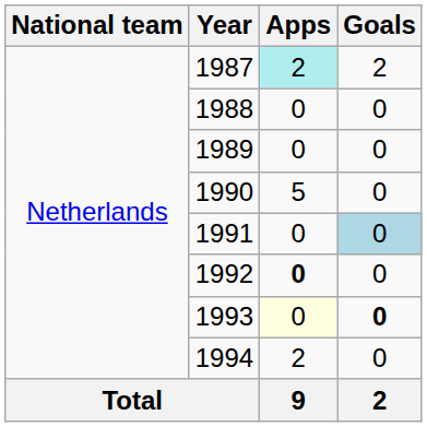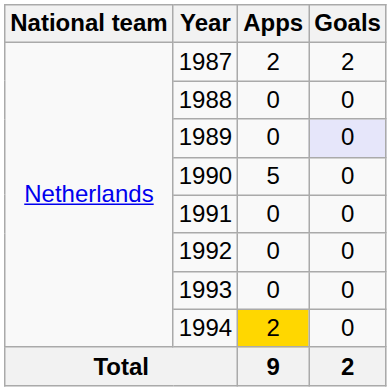 <table class="wikitable" style="text-align:center">
 <tr>
 <th>National team</th>
 <th>Year</th>
 <th>Apps</th>
 <th>Goals</th>
 </tr>
 <tr>
 <td rowspan="8"><a href='#'>Netherlands</a></td>
 <td>1987</td>
-<td style="background: paleturquoise;">2</td>
+<td>2</td>
 <td>2</td>
 </tr>
 <tr>
 <td>1988</td>
 <td>0</td>
 <td>0</td>
 </tr>
 <tr>
 <td>1989</td>
 <td>0</td>
-<td>0</td>
+<td style="background: lavender;">0</td>
 </tr>
 <tr>
 <td>1990</td>
 <td>5</td>
 <td>0</td>
 </tr>
 <tr>
 <td>1991</td>
 <td>0</td>
-<td style="background: lightblue;">0</td>
+<td>0</td>
 </tr>
 <tr>
 <td>1992</td>
-<td><strong>0</strong></td>
+<td>0</td>
 <td>0</td>
 </tr>
 <tr>
 <td>1993</td>
-<td style="background: lightyellow;">0</td>
-<td><strong>0</strong></td>
+<td>0</td>
+<td>0</td>
 </tr>
 <tr>
 <td>1994</td>
-<td>2</td>
+<td style="background: gold;">2</td>
 <td>0</td>
 </tr>
 <tr>
 <th colspan="2">Total</th>
 <th>9</th>
 <th>2</th>
 </tr>
 </table>
